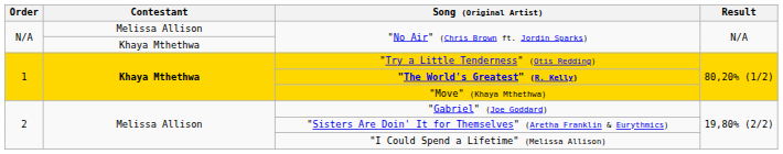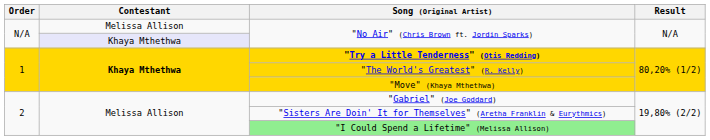 <table class="wikitable" style="font-size:90%; width:75%; text-align: center;">
 <tr>
 <th width="05%">Order</th>
 <th width="30%">Contestant</th>
 <th width="55%">Song <small>(Original Artist)</small></th>
 <th width="15%">Result</th>
 </tr>
 <tr>
 <td rowspan=2>N/A</td>
 <td>Melissa Allison</td>
 <td rowspan=2>"<a href='#'>No Air</a>" <small>(<a href='#'>Chris Brown</a> ft. <a href='#'>Jordin Sparks</a>)</small></td>
 <td rowspan=2>N/A</td>
 </tr>
 <tr>
-<td>Khaya Mthethwa</td>
+<td style="background: lavender;">Khaya Mthethwa</td>
 </tr>
 <tr bgcolor="gold">
 <td rowspan=3>1</td>
 <td rowspan=3><strong>Khaya Mthethwa</strong></td>
-<td>"<a href='#'>Try a Little Tenderness</a>" <small>(<a href='#'>Otis Redding</a>)</small></td>
+<td><strong>"<a href='#'>Try a Little Tenderness</a>" <small>(<a href='#'>Otis Redding</a>)</small></strong></td>
 <td rowspan=3>80,20% (1/2)</td>
 </tr>
 <tr bgcolor="gold">
-<td><strong>"<a href='#'>The World's Greatest</a>" <small>(<a href='#'>R. Kelly</a>)</small></strong></td>
+<td>"<a href='#'>The World's Greatest</a>" <small>(<a href='#'>R. Kelly</a>)</small></td>
 </tr>
 <tr bgcolor="gold">
 <td>"Move" <small>(Khaya Mthethwa)</small></td>
 </tr>
 <tr>
 <td rowspan=3>2</td>
 <td rowspan=3>Melissa Allison</td>
 <td>"<a href='#'>Gabriel</a>" <small>(<a href='#'>Joe Goddard</a>)</small></td>
 <td rowspan=3>19,80% (2/2)</td>
 </tr>
 <tr>
 <td>"<a href='#'>Sisters Are Doin' It for Themselves</a>" <small>(<a href='#'>Aretha Franklin</a> & <a href='#'>Eurythmics</a>)</small></td>
 </tr>
 <tr>
-<td>"I Could Spend a Lifetime" <small>(Melissa Allison)</small></td>
+<td style="background: lightgreen;">"I Could Spend a Lifetime" <small>(Melissa Allison)</small></td>
 </tr>
 </table>
